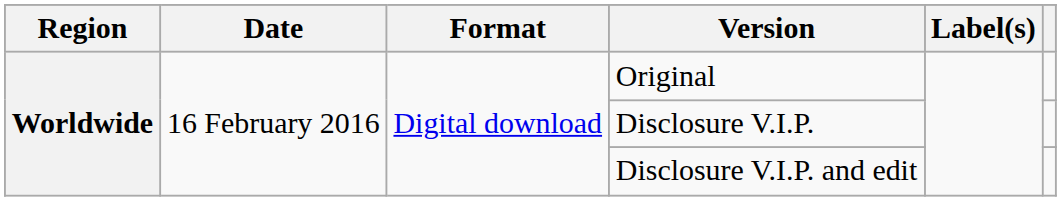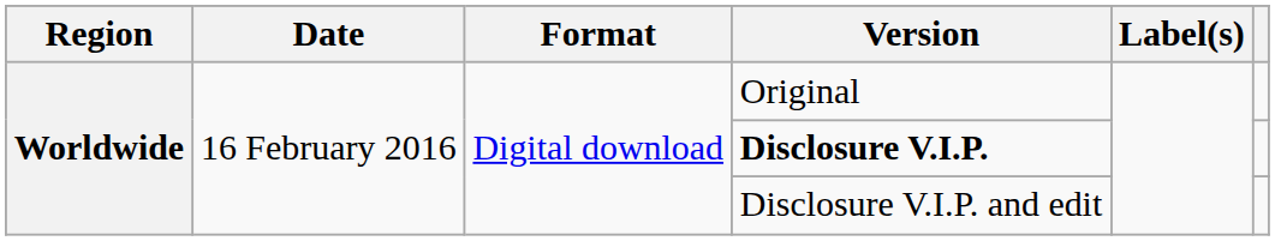 <table class="wikitable plainrowheaders">
 <tr>
 <th scope="col">Region</th>
 <th scope="col">Date</th>
 <th scope="col">Format</th>
 <th scope="col">Version</th>
 <th scope="col">Label(s)</th>
 <th scope="col"></th>
 </tr>
 <tr>
 <th scope="row" rowspan="3">Worldwide</th>
 <td rowspan="3">16 February 2016</td>
 <td rowspan="3"><a href='#'>Digital download</a></td>
 <td>Original</td>
 <td rowspan="3"></td>
 <td></td>
 </tr>
 <tr>
-<td>Disclosure V.I.P.</td>
+<td><strong>Disclosure V.I.P.</strong></td>
 <td></td>
 </tr>
 <tr>
 <td>Disclosure V.I.P. and edit</td>
 <td></td>
 </tr>
 </table>
